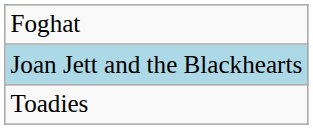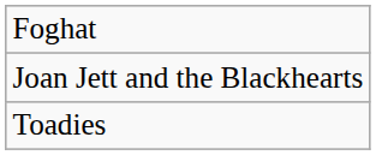 <table class="wikitable">
 <tr>
 <td>Foghat</td>
 </tr>
 <tr>
-<td style="background: lightblue;">Joan Jett and the Blackhearts</td>
+<td>Joan Jett and the Blackhearts</td>
 </tr>
 <tr>
 <td>Toadies</td>
 </tr>
 </table>
